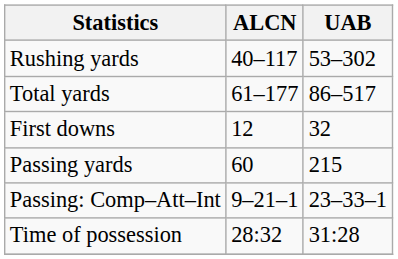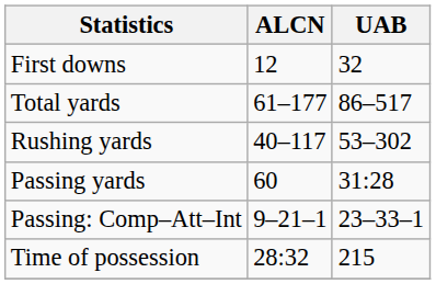 <table class="wikitable" style="float: left;">
 <tr>
 <th>Statistics</th>
 <th>ALCN</th>
 <th>UAB</th>
 </tr>
 <tr>
-<td>Rushing yards</td>
-<td>40–117</td>
-<td>53–302</td>
+<td>First downs</td>
+<td>12</td>
+<td>32</td>
 </tr>
 <tr>
 <td>Total yards</td>
 <td>61–177</td>
 <td>86–517</td>
 </tr>
 <tr>
-<td>First downs</td>
-<td>12</td>
-<td>32</td>
+<td>Rushing yards</td>
+<td>40–117</td>
+<td>53–302</td>
 </tr>
 <tr>
 <td>Passing yards</td>
 <td>60</td>
-<td>215</td>
+<td>31:28</td>
 </tr>
 <tr>
 <td>Passing: Comp–Att–Int</td>
 <td>9–21–1</td>
 <td>23–33–1</td>
 </tr>
 <tr>
 <td>Time of possession</td>
 <td>28:32</td>
-<td>31:28</td>
+<td>215</td>
 </tr>
 <tr>
 </tr>
 </table>
